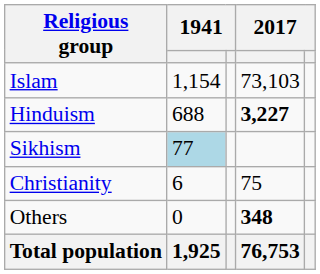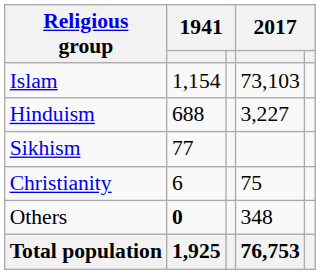 <table class="wikitable sortable">
 <tr>
 <th rowspan="2"><a href='#'>Religious</a><br>group</th>
 <th colspan="2">1941</th>
 <th colspan="2">2017</th>
 </tr>
 <tr>
 <th><a href='#'></a></th>
 <th></th>
 <th></th>
 <th></th>
 </tr>
 <tr>
 <td><a href='#'>Islam</a> </td>
 <td>1,154</td>
 <td></td>
 <td>73,103</td>
 <td></td>
 </tr>
 <tr>
 <td><a href='#'>Hinduism</a> </td>
 <td>688</td>
 <td></td>
-<td><strong>3,227</strong></td>
+<td>3,227</td>
 <td></td>
 </tr>
 <tr>
 <td><a href='#'>Sikhism</a> </td>
-<td style="background: lightblue;">77</td>
+<td>77</td>
 <td></td>
 <td></td>
 <td></td>
 </tr>
 <tr>
 <td><a href='#'>Christianity</a> </td>
 <td>6</td>
 <td></td>
 <td>75</td>
 <td></td>
 </tr>
 <tr>
 <td>Others</td>
-<td>0</td>
+<td><strong>0</strong></td>
 <td></td>
-<td><strong>348</strong></td>
+<td>348</td>
 <td></td>
 </tr>
 <tr>
 <th>Total population</th>
 <th>1,925</th>
 <th></th>
 <th>76,753</th>
 <th></th>
 </tr>
 </table>
